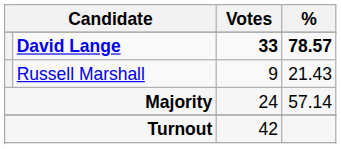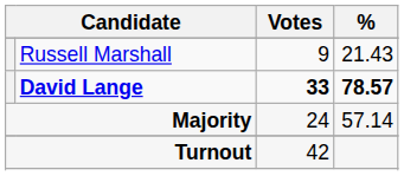 <table class="wikitable" style="font-size: 95%;">
 <tr style="background-color:#E9E9E9">
 <th colspan="2" style="width: 170px">Candidate</th>
 <th style="width: 50px">Votes</th>
 <th style="width: 40px">%</th>
 </tr>
 <tr>
 </tr>
 <tr>
 <th style="background-color: "></th>
+<td style="width: 170px"><a href='#'>Russell Marshall</a></td>
+<td align="right">9</td>
+<td align="right">21.43</td>
+</tr>
+<tr>
+<th style="background-color: "></th>
 <td style="width: 170px"><strong><a href='#'>David Lange</a></strong></td>
 <td align="right"><strong>33</strong></td>
 <td align="right"><strong>78.57</strong></td>
-</tr>
-<tr>
-<th style="background-color: "></th>
-<td style="width: 170px"><a href='#'>Russell Marshall</a></td>
-<td align="right">9</td>
-<td align="right">21.43</td>
 </tr>
 <tr style="background-color:#F6F6F6">
 <td colspan="2" align="right"><strong>Majority</strong></td>
 <td align="right">24</td>
 <td align="right">57.14</td>
 </tr>
 <tr>
 </tr>
 <tr style="background-color:#F6F6F6">
 <td colspan="2" align="right"><strong>Turnout</strong></td>
 <td align="right">42</td>
 <td></td>
 </tr>
 <tr>
 </tr>
 <tr style="background-color:#F6F6F6">
 </tr>
 </table>
